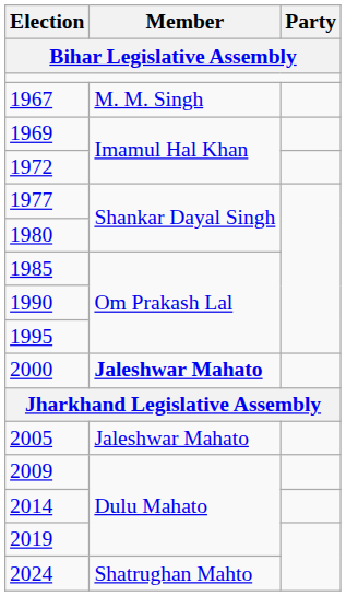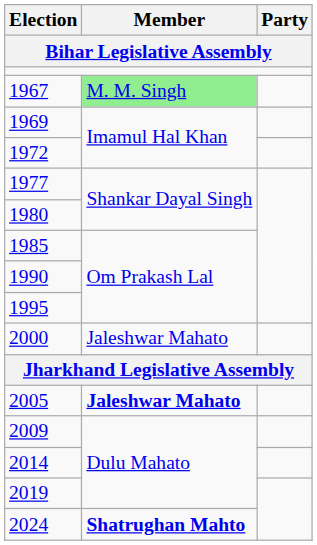 <table class="wikitable sortable">
 <tr>
 <th>Election</th>
 <th>Member</th>
 <th colspan=2>Party</th>
 </tr>
 <tr>
 <th colspan=4><a href='#'>Bihar Legislative Assembly</a></th>
 </tr>
 <tr>
 <td colspan="4"></td>
 </tr>
 <tr>
 <td><a href='#'>1967</a></td>
-<td><a href='#'>M. M. Singh</a></td>
+<td style="background: lightgreen;"><a href='#'>M. M. Singh</a></td>
 <td></td>
 </tr>
 <tr>
 <td><a href='#'>1969</a></td>
 <td rowspan=2><a href='#'>Imamul Hal Khan</a></td>
 <td></td>
 </tr>
 <tr>
 <td><a href='#'>1972</a></td>
 <td></td>
 </tr>
 <tr>
 <td><a href='#'>1977</a></td>
 <td rowspan=2><a href='#'>Shankar Dayal Singh</a></td>
 </tr>
 <tr>
 <td><a href='#'>1980</a></td>
 </tr>
 <tr>
 <td><a href='#'>1985</a></td>
 <td rowspan=3><a href='#'>Om Prakash Lal</a></td>
 </tr>
 <tr>
 <td><a href='#'>1990</a></td>
 </tr>
 <tr>
 <td><a href='#'>1995</a></td>
 </tr>
 <tr>
 <td><a href='#'>2000</a></td>
-<td><strong><a href='#'>Jaleshwar Mahato</a></strong></td>
+<td><a href='#'>Jaleshwar Mahato</a></td>
 <td></td>
 </tr>
 <tr>
 <th colspan=4><a href='#'>Jharkhand Legislative Assembly</a></th>
 </tr>
 <tr>
 <td><a href='#'>2005</a></td>
-<td><a href='#'>Jaleshwar Mahato</a></td>
+<td><strong><a href='#'>Jaleshwar Mahato</a></strong></td>
 <td></td>
 </tr>
 <tr>
 <td><a href='#'>2009</a></td>
 <td rowspan=3><a href='#'>Dulu Mahato</a></td>
 <td></td>
 </tr>
 <tr>
 <td><a href='#'>2014</a></td>
 <td></td>
 </tr>
 <tr>
 <td><a href='#'>2019</a></td>
 </tr>
 <tr>
 <td><a href='#'>2024</a></td>
-<td><a href='#'>Shatrughan Mahto</a></td>
+<td><strong><a href='#'>Shatrughan Mahto</a></strong></td>
 </tr>
 </table>
